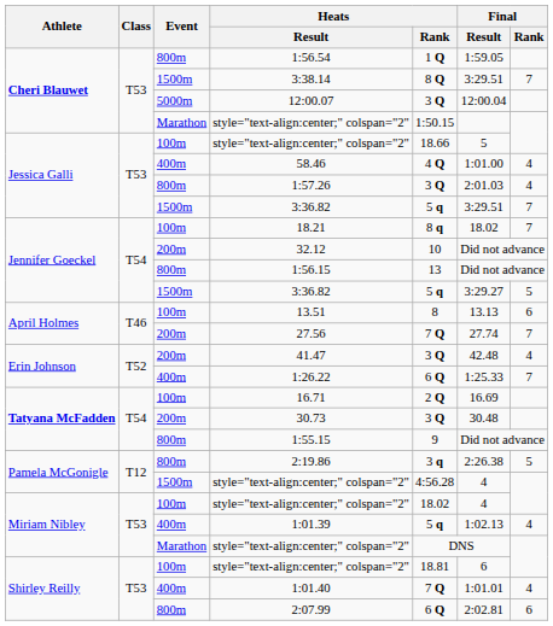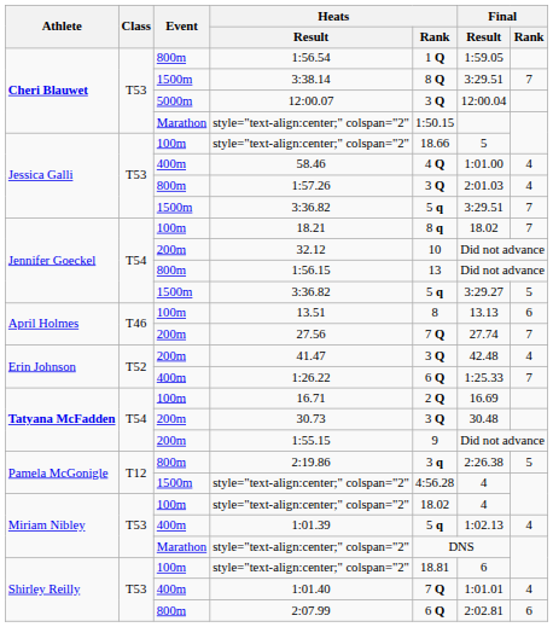 <table class=wikitable style="font-size:90%">
 <tr>
 <th rowspan="2">Athlete</th>
 <th rowspan="2">Class</th>
 <th rowspan="2">Event</th>
 <th colspan="2">Heats</th>
 <th colspan="2">Final</th>
 </tr>
 <tr>
 <th>Result</th>
 <th>Rank</th>
 <th>Result</th>
 <th>Rank</th>
 </tr>
 <tr>
 <td rowspan="4"><strong><a href='#'>Cheri Blauwet</a></strong></td>
 <td rowspan="4" style="text-align:center;">T53</td>
 <td><a href='#'>800m</a></td>
 <td style="text-align:center;">1:56.54</td>
 <td style="text-align:center;">1 <strong>Q</strong></td>
 <td style="text-align:center;">1:59.05</td>
 <td style="text-align:center;"></td>
 </tr>
 <tr>
 <td><a href='#'>1500m</a></td>
 <td style="text-align:center;">3:38.14</td>
 <td style="text-align:center;">8 <strong>Q</strong></td>
 <td style="text-align:center;">3:29.51</td>
 <td style="text-align:center;">7</td>
 </tr>
 <tr>
 <td><a href='#'>5000m</a></td>
 <td style="text-align:center;">12:00.07</td>
 <td style="text-align:center;">3 <strong>Q</strong></td>
 <td style="text-align:center;">12:00.04</td>
 <td style="text-align:center;"></td>
 </tr>
 <tr>
 <td><a href='#'>Marathon</a></td>
 <td>style="text-align:center;" colspan="2" </td>
 <td style="text-align:center;">1:50.15</td>
 <td style="text-align:center;"></td>
 </tr>
 <tr>
 <td rowspan="4"><a href='#'>Jessica Galli</a></td>
 <td rowspan="4" style="text-align:center;">T53</td>
 <td><a href='#'>100m</a></td>
 <td>style="text-align:center;" colspan="2" </td>
 <td style="text-align:center;">18.66</td>
 <td style="text-align:center;">5</td>
 </tr>
 <tr>
 <td><a href='#'>400m</a></td>
 <td style="text-align:center;">58.46</td>
 <td style="text-align:center;">4 <strong>Q</strong></td>
 <td style="text-align:center;">1:01.00</td>
 <td style="text-align:center;">4</td>
 </tr>
 <tr>
 <td><a href='#'>800m</a></td>
 <td style="text-align:center;">1:57.26</td>
 <td style="text-align:center;">3 <strong>Q</strong></td>
 <td style="text-align:center;">2:01.03</td>
 <td style="text-align:center;">4</td>
 </tr>
 <tr>
 <td><a href='#'>1500m</a></td>
 <td style="text-align:center;">3:36.82</td>
 <td style="text-align:center;">5 <strong>q</strong></td>
 <td style="text-align:center;">3:29.51</td>
 <td style="text-align:center;">7</td>
 </tr>
 <tr>
 <td rowspan="4"><a href='#'>Jennifer Goeckel</a></td>
 <td rowspan="4" style="text-align:center;">T54</td>
 <td><a href='#'>100m</a></td>
 <td style="text-align:center;">18.21</td>
 <td style="text-align:center;">8 <strong>q</strong></td>
 <td style="text-align:center;">18.02</td>
 <td style="text-align:center;">7</td>
 </tr>
 <tr>
 <td><a href='#'>200m</a></td>
 <td style="text-align:center;">32.12</td>
 <td style="text-align:center;">10</td>
 <td style="text-align:center;" colspan="2">Did not advance</td>
 </tr>
 <tr>
 <td><a href='#'>800m</a></td>
 <td style="text-align:center;">1:56.15</td>
 <td style="text-align:center;">13</td>
 <td style="text-align:center;" colspan="2">Did not advance</td>
 </tr>
 <tr>
 <td><a href='#'>1500m</a></td>
 <td style="text-align:center;">3:36.82</td>
 <td style="text-align:center;">5 <strong>q</strong></td>
 <td style="text-align:center;">3:29.27</td>
 <td style="text-align:center;">5</td>
 </tr>
 <tr>
 <td rowspan="2"><a href='#'>April Holmes</a></td>
 <td rowspan="2" style="text-align:center;">T46</td>
 <td><a href='#'>100m</a></td>
 <td style="text-align:center;">13.51</td>
 <td style="text-align:center;">8</td>
 <td style="text-align:center;">13.13</td>
 <td style="text-align:center;">6</td>
 </tr>
 <tr>
 <td><a href='#'>200m</a></td>
 <td style="text-align:center;">27.56</td>
 <td style="text-align:center;">7 <strong>Q</strong></td>
 <td style="text-align:center;">27.74</td>
 <td style="text-align:center;">7</td>
 </tr>
 <tr>
 <td rowspan="2"><a href='#'>Erin Johnson</a></td>
 <td rowspan="2" style="text-align:center;">T52</td>
 <td><a href='#'>200m</a></td>
 <td style="text-align:center;">41.47</td>
 <td style="text-align:center;">3 <strong>Q</strong></td>
 <td style="text-align:center;">42.48</td>
 <td style="text-align:center;">4</td>
 </tr>
 <tr>
 <td><a href='#'>400m</a></td>
 <td style="text-align:center;">1:26.22</td>
 <td style="text-align:center;">6 <strong>Q</strong></td>
 <td style="text-align:center;">1:25.33</td>
 <td style="text-align:center;">7</td>
 </tr>
 <tr>
 <td rowspan="3"><strong><a href='#'>Tatyana McFadden</a></strong></td>
 <td rowspan="3" style="text-align:center;">T54</td>
 <td><a href='#'>100m</a></td>
 <td style="text-align:center;">16.71</td>
 <td style="text-align:center;">2 <strong>Q</strong></td>
 <td style="text-align:center;">16.69</td>
 <td style="text-align:center;"></td>
 </tr>
 <tr>
 <td><a href='#'>200m</a></td>
 <td style="text-align:center;">30.73</td>
 <td style="text-align:center;">3 <strong>Q</strong></td>
 <td style="text-align:center;">30.48</td>
 <td style="text-align:center;"></td>
 </tr>
 <tr>
-<td><a href='#'>800m</a></td>
+<td><a href='#'>200m</a></td>
 <td style="text-align:center;">1:55.15</td>
 <td style="text-align:center;">9</td>
 <td style="text-align:center;" colspan="2">Did not advance</td>
 </tr>
 <tr>
 <td rowspan="2"><a href='#'>Pamela McGonigle</a></td>
 <td rowspan="2" style="text-align:center;">T12</td>
 <td><a href='#'>800m</a></td>
 <td style="text-align:center;">2:19.86</td>
 <td style="text-align:center;">3 <strong>q</strong></td>
 <td style="text-align:center;">2:26.38</td>
 <td style="text-align:center;">5</td>
 </tr>
 <tr>
 <td><a href='#'>1500m</a></td>
 <td>style="text-align:center;" colspan="2" </td>
 <td style="text-align:center;">4:56.28</td>
 <td style="text-align:center;">4</td>
 </tr>
 <tr>
 <td rowspan="3"><a href='#'>Miriam Nibley</a></td>
 <td rowspan="3" style="text-align:center;">T53</td>
 <td><a href='#'>100m</a></td>
 <td>style="text-align:center;" colspan="2" </td>
 <td style="text-align:center;">18.02</td>
 <td style="text-align:center;">4</td>
 </tr>
 <tr>
 <td><a href='#'>400m</a></td>
 <td style="text-align:center;">1:01.39</td>
 <td style="text-align:center;">5 <strong>q</strong></td>
 <td style="text-align:center;">1:02.13</td>
 <td style="text-align:center;">4</td>
 </tr>
 <tr>
 <td><a href='#'>Marathon</a></td>
 <td>style="text-align:center;" colspan="2" </td>
 <td style="text-align:center;" colspan="2">DNS</td>
 </tr>
 <tr>
 <td rowspan="3"><a href='#'>Shirley Reilly</a></td>
 <td rowspan="3" style="text-align:center;">T53</td>
 <td><a href='#'>100m</a></td>
 <td>style="text-align:center;" colspan="2" </td>
 <td style="text-align:center;">18.81</td>
 <td style="text-align:center;">6</td>
 </tr>
 <tr>
 <td><a href='#'>400m</a></td>
 <td style="text-align:center;">1:01.40</td>
 <td style="text-align:center;">7 <strong>Q</strong></td>
 <td style="text-align:center;">1:01.01</td>
 <td style="text-align:center;">4</td>
 </tr>
 <tr>
 <td><a href='#'>800m</a></td>
 <td style="text-align:center;">2:07.99</td>
 <td style="text-align:center;">6 <strong>Q</strong></td>
 <td style="text-align:center;">2:02.81</td>
 <td style="text-align:center;">6</td>
 </tr>
 </table>
